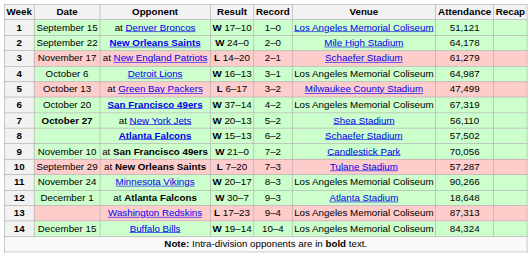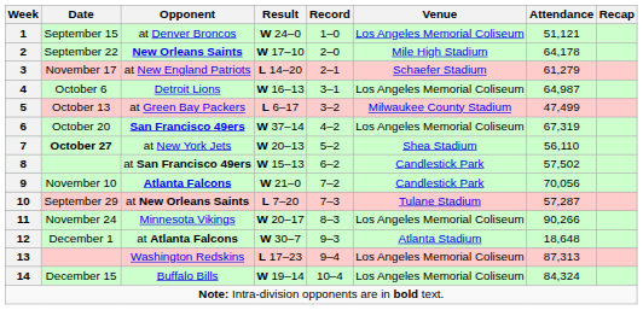 <table class="wikitable" style="text-align:center">
 <tr>
 <th>Week</th>
 <th>Date</th>
 <th>Opponent</th>
 <th>Result</th>
 <th>Record</th>
 <th>Venue</th>
 <th>Attendance</th>
 <th>Recap</th>
 </tr>
 <tr style="background: #cfc;">
 <th>1</th>
 <td>September 15</td>
 <td>at <a href='#'>Denver Broncos</a></td>
-<td><strong>W</strong> 17–10</td>
+<td><strong>W</strong> 24–0</td>
 <td>1–0</td>
 <td><a href='#'>Los Angeles Memorial Coliseum</a></td>
 <td>51,121</td>
 <td></td>
 </tr>
 <tr style="background: #cfc;">
 <th>2</th>
 <td>September 22</td>
 <td><strong><a href='#'>New Orleans Saints</a></strong></td>
-<td><strong>W</strong> 24–0</td>
+<td><strong>W</strong> 17–10</td>
 <td>2–0</td>
 <td><a href='#'>Mile High Stadium</a></td>
 <td>64,178</td>
 <td></td>
 </tr>
 <tr style="background: #fcc;">
 <th>3</th>
 <td>November 17</td>
 <td>at <a href='#'>New England Patriots</a></td>
 <td><strong>L</strong> 14–20</td>
 <td>2–1</td>
 <td><a href='#'>Schaefer Stadium</a></td>
 <td>61,279</td>
 <td></td>
 </tr>
 <tr style="background: #cfc;">
 <th>4</th>
 <td>October 6</td>
 <td><a href='#'>Detroit Lions</a></td>
 <td><strong>W</strong> 16–13</td>
 <td>3–1</td>
 <td>Los Angeles Memorial Coliseum</td>
 <td>64,987</td>
 <td></td>
 </tr>
 <tr style="background: #fcc;">
 <th>5</th>
 <td>October 13</td>
 <td>at <a href='#'>Green Bay Packers</a></td>
 <td><strong>L</strong> 6–17</td>
 <td>3–2</td>
 <td><a href='#'>Milwaukee County Stadium</a></td>
 <td>47,499</td>
 <td></td>
 </tr>
 <tr style="background: #cfc;">
 <th>6</th>
 <td>October 20</td>
 <td><strong><a href='#'>San Francisco 49ers</a></strong></td>
 <td><strong>W</strong> 37–14</td>
 <td>4–2</td>
 <td>Los Angeles Memorial Coliseum</td>
 <td>67,319</td>
 <td></td>
 </tr>
 <tr style="background: #cfc;">
 <th>7</th>
 <td><strong>October 27</strong></td>
 <td>at <a href='#'>New York Jets</a></td>
 <td><strong>W</strong> 20–13</td>
 <td>5–2</td>
 <td><a href='#'>Shea Stadium</a></td>
 <td>56,110</td>
 <td></td>
 </tr>
 <tr style="background: #cfc;">
 <th>8</th>
 <td></td>
-<td><strong><a href='#'>Atlanta Falcons</a></strong></td>
+<td>at <strong>San Francisco 49ers</strong></td>
 <td><strong>W</strong> 15–13</td>
 <td>6–2</td>
-<td><a href='#'>Schaefer Stadium</a></td>
+<td><a href='#'>Candlestick Park</a></td>
 <td>57,502</td>
 <td></td>
 </tr>
 <tr style="background: #cfc;">
 <th>9</th>
 <td>November 10</td>
-<td>at <strong>San Francisco 49ers</strong></td>
+<td><strong><a href='#'>Atlanta Falcons</a></strong></td>
 <td><strong>W</strong> 21–0</td>
 <td>7–2</td>
 <td><a href='#'>Candlestick Park</a></td>
 <td>70,056</td>
 <td></td>
 </tr>
 <tr style="background: #fcc;">
 <th>10</th>
 <td>September 29</td>
 <td>at <strong>New Orleans Saints</strong></td>
 <td><strong>L</strong> 7–20</td>
 <td>7–3</td>
 <td><a href='#'>Tulane Stadium</a></td>
 <td>57,287</td>
 <td></td>
 </tr>
 <tr style="background: #cfc;">
 <th>11</th>
 <td>November 24</td>
 <td><a href='#'>Minnesota Vikings</a></td>
 <td><strong>W</strong> 20–17</td>
 <td>8–3</td>
 <td>Los Angeles Memorial Coliseum</td>
 <td>90,266</td>
 <td></td>
 </tr>
 <tr style="background: #cfc;">
 <th>12</th>
 <td>December 1</td>
 <td>at <strong>Atlanta Falcons</strong></td>
 <td><strong>W</strong> 30–7</td>
 <td>9–3</td>
 <td><a href='#'>Atlanta Stadium</a></td>
 <td>18,648</td>
 <td></td>
 </tr>
 <tr style="background: #fcc;">
 <th>13</th>
 <td></td>
 <td><a href='#'>Washington Redskins</a></td>
 <td><strong>L</strong> 17–23</td>
 <td>9–4</td>
 <td>Los Angeles Memorial Coliseum</td>
 <td>87,313</td>
 <td></td>
 </tr>
 <tr style="background: #cfc;">
 <th>14</th>
 <td>December 15</td>
 <td><a href='#'>Buffalo Bills</a></td>
 <td><strong>W</strong> 19–14</td>
 <td>10–4</td>
 <td>Los Angeles Memorial Coliseum</td>
 <td>84,324</td>
 <td></td>
 </tr>
 <tr>
 <td colspan="8"><strong>Note:</strong> Intra-division opponents are in <strong>bold</strong> text.</td>
 </tr>
 </table>
